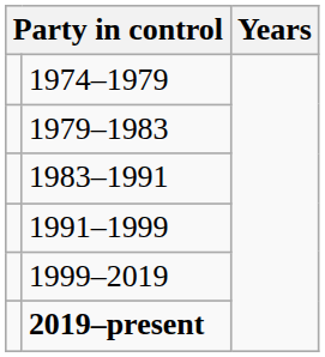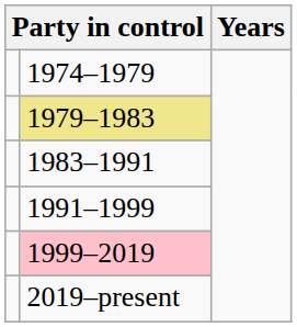 <table class="wikitable">
 <tr>
 <th colspan=2>Party in control</th>
 <th>Years</th>
 </tr>
 <tr>
 <td></td>
 <td>1974–1979</td>
 </tr>
 <tr>
 <td></td>
-<td>1979–1983</td>
+<td style="background: khaki;">1979–1983</td>
 </tr>
 <tr>
 <td></td>
 <td>1983–1991</td>
 </tr>
 <tr>
 <td></td>
 <td>1991–1999</td>
 </tr>
 <tr>
 <td></td>
-<td>1999–2019</td>
+<td style="background: pink;">1999–2019</td>
 </tr>
 <tr>
 <td></td>
-<td><strong>2019–present</strong></td>
+<td>2019–present</td>
 </tr>
 </table>
